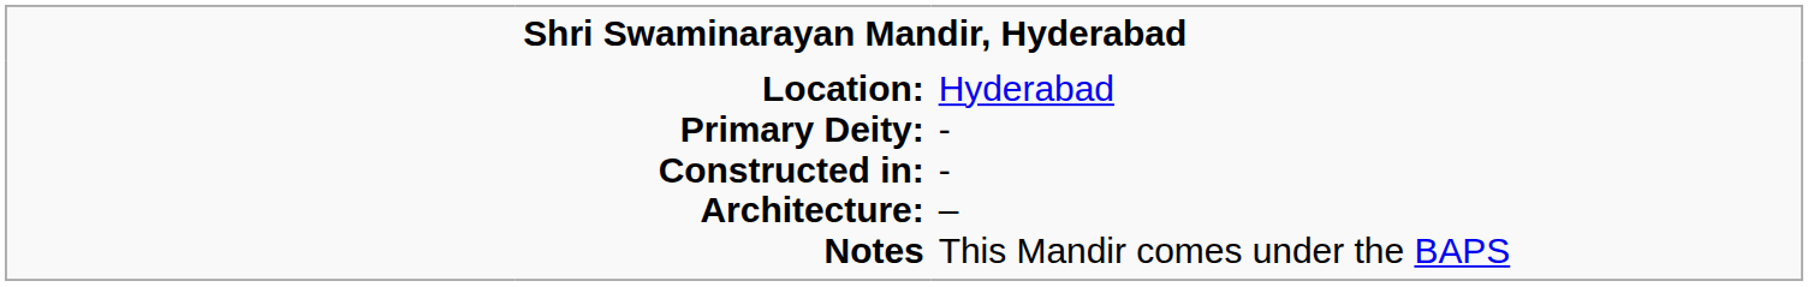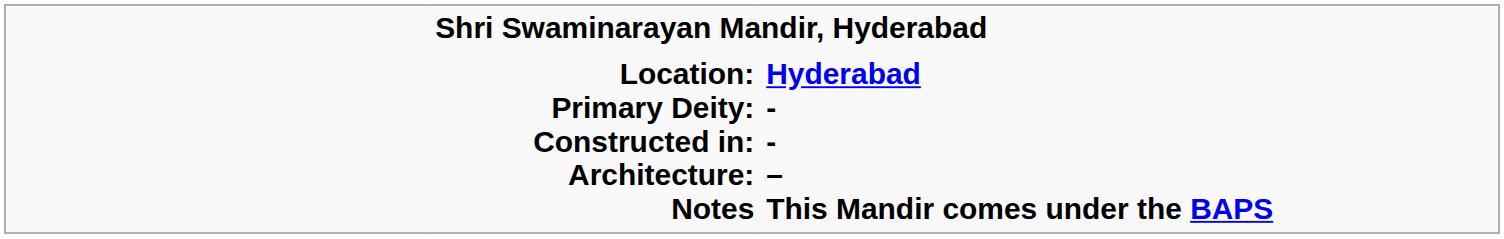 <table class="wikitable plain" border="0" width="800">
 <tr>
 <td width="220px" rowspan="2" style="border:none;"></td>
 <td valign="top" colspan=2 style="border:none;"><strong>Shri Swaminarayan Mandir, Hyderabad</strong></td>
 </tr>
 <tr>
 <td valign="top" style="text-align:right; border:none;"><strong>Location:</strong> <br><strong>Primary Deity:</strong><br><strong>Constructed in:</strong><br><strong>Architecture:</strong><br><strong>Notes</strong></td>
-<td valign="top" style="border:none;"><a href='#'>Hyderabad</a> <br>- <br>- <br>– <br>This Mandir comes under the <a href='#'>BAPS</a></td>
+<td valign="top" style="border:none;"><strong><a href='#'>Hyderabad</a> <br>- <br>- <br>– <br>This Mandir comes under the <a href='#'>BAPS</a></strong></td>
 </tr>
 </table>
